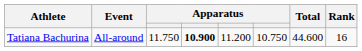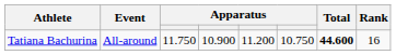 <table class="wikitable" style="font-size:90%">
 <tr>
 <th rowspan=2>Athlete</th>
 <th rowspan=2>Event</th>
 <th colspan=4>Apparatus</th>
 <th rowspan=2>Total</th>
 <th rowspan=2>Rank</th>
 </tr>
 <tr style="font-size:95%">
 <th></th>
 <th></th>
 <th></th>
 <th></th>
 </tr>
 <tr align=center>
 <td align=left><a href='#'>Tatiana Bachurina</a></td>
 <td align=left><a href='#'>All-around</a></td>
 <td>11.750</td>
-<td><strong>10.900</strong></td>
+<td>10.900</td>
 <td>11.200</td>
 <td>10.750</td>
-<td>44.600</td>
+<td><strong>44.600</strong></td>
 <td>16</td>
 </tr>
 </table>
